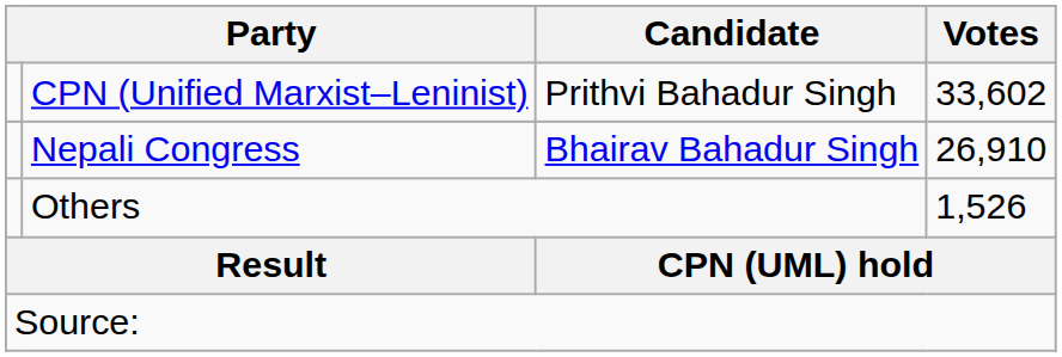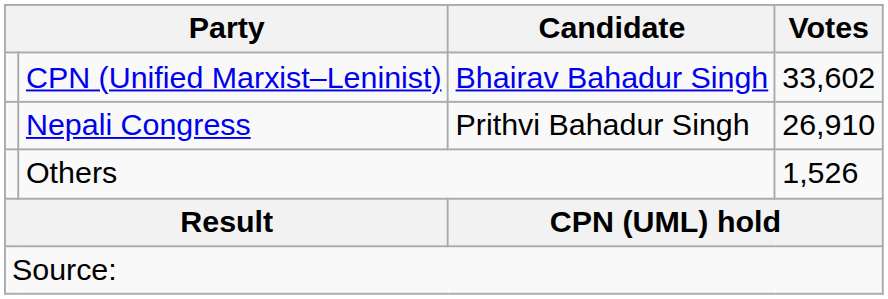 <table class="wikitable">
 <tr>
 <th colspan="2">Party</th>
 <th>Candidate</th>
 <th>Votes</th>
 </tr>
 <tr>
 <td style="color:inherit;background:"></td>
 <td><a href='#'>CPN (Unified Marxist–Leninist)</a></td>
-<td>Prithvi Bahadur Singh</td>
+<td><a href='#'>Bhairav Bahadur Singh</a></td>
 <td>33,602</td>
 </tr>
 <tr>
 <td style="color:inherit;background-color:"></td>
 <td><a href='#'>Nepali Congress</a></td>
-<td><a href='#'>Bhairav Bahadur Singh</a></td>
+<td>Prithvi Bahadur Singh</td>
 <td>26,910</td>
 </tr>
 <tr>
 <td></td>
 <td colspan="2">Others</td>
 <td>1,526</td>
 </tr>
 <tr>
 <th colspan="2">Result</th>
 <th colspan="2">CPN (UML) hold</th>
 </tr>
 <tr>
 <td colspan="4">Source: </td>
 </tr>
 </table>
